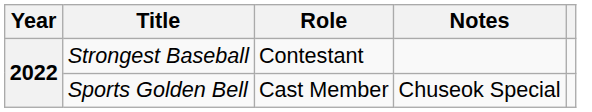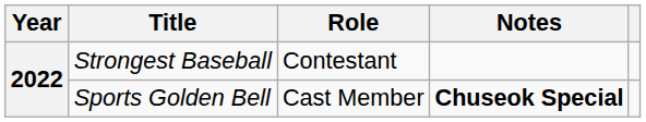 <table class="wikitable plainrowheaders">
 <tr>
 <th scope="col">Year</th>
 <th scope="col">Title</th>
 <th scope="col">Role</th>
 <th scope="col">Notes</th>
 <th scope="col" class="unsortable"></th>
 </tr>
 <tr>
 <th scope="row" rowspan=2>2022</th>
 <td><em>Strongest Baseball</em></td>
 <td>Contestant</td>
 <td></td>
 <td style="text-align:center"></td>
 </tr>
 <tr>
 <td><em>Sports Golden Bell</em></td>
 <td>Cast Member</td>
-<td>Chuseok Special</td>
+<td><strong>Chuseok Special</strong></td>
 <td style="text-align:center"></td>
 </tr>
 </table>
